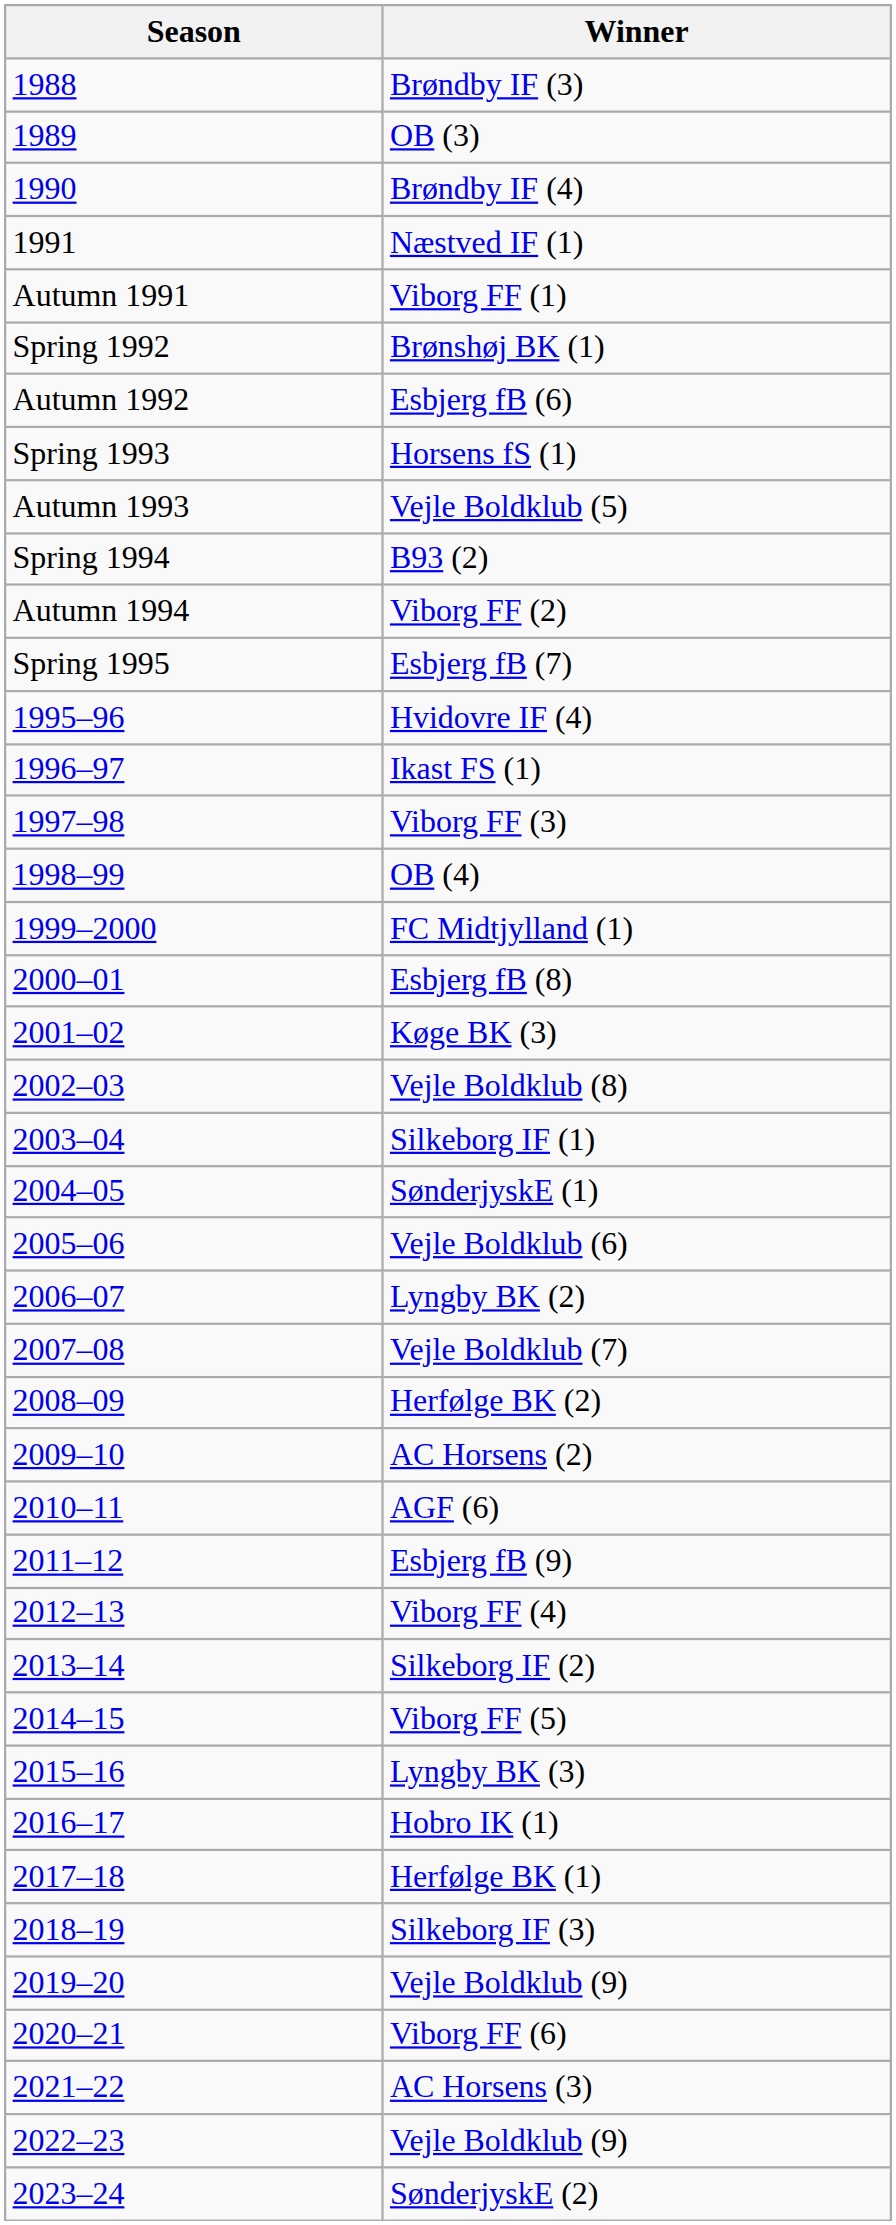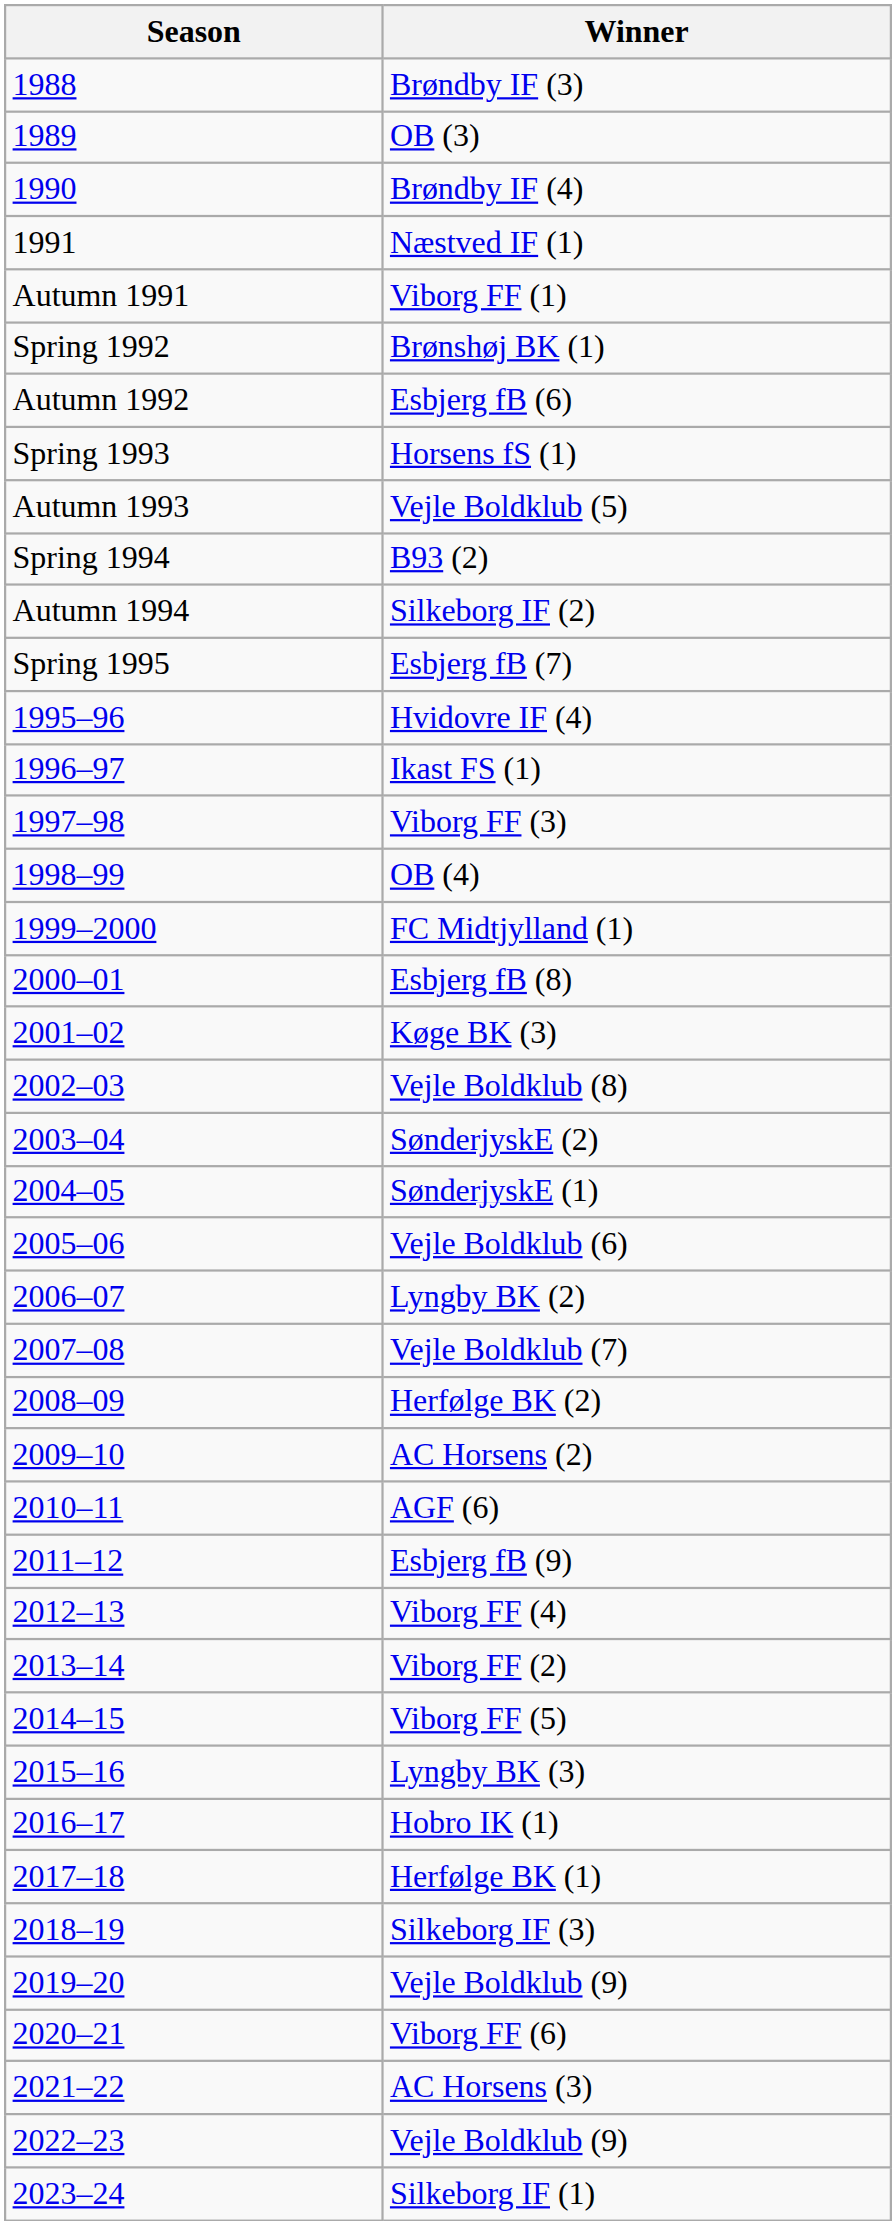 <table class="wikitable" style="width:400px; font-size:90%;">
 <tr>
 <th>Season</th>
 <th>Winner</th>
 </tr>
 <tr>
 <td><a href='#'>1988</a></td>
 <td><a href='#'>Brøndby IF</a> (3)</td>
 </tr>
 <tr>
 <td><a href='#'>1989</a></td>
 <td><a href='#'>OB</a> (3)</td>
 </tr>
 <tr>
 <td><a href='#'>1990</a></td>
 <td><a href='#'>Brøndby IF</a> (4)</td>
 </tr>
 <tr>
 <td>1991</td>
 <td><a href='#'>Næstved IF</a> (1)</td>
 </tr>
 <tr>
 <td>Autumn 1991</td>
 <td><a href='#'>Viborg FF</a> (1)</td>
 </tr>
 <tr>
 <td>Spring 1992</td>
 <td><a href='#'>Brønshøj BK</a> (1)</td>
 </tr>
 <tr>
 <td>Autumn 1992</td>
 <td><a href='#'>Esbjerg fB</a> (6)</td>
 </tr>
 <tr>
 <td>Spring 1993</td>
 <td><a href='#'>Horsens fS</a> (1)</td>
 </tr>
 <tr>
 <td>Autumn 1993</td>
 <td><a href='#'>Vejle Boldklub</a> (5)</td>
 </tr>
 <tr>
 <td>Spring 1994</td>
 <td><a href='#'>B93</a> (2)</td>
 </tr>
 <tr>
 <td>Autumn 1994</td>
-<td><a href='#'>Viborg FF</a> (2)</td>
+<td><a href='#'>Silkeborg IF</a> (2)</td>
 </tr>
 <tr>
 <td>Spring 1995</td>
 <td><a href='#'>Esbjerg fB</a> (7)</td>
 </tr>
 <tr>
 <td><a href='#'>1995–96</a></td>
 <td><a href='#'>Hvidovre IF</a> (4)</td>
 </tr>
 <tr>
 <td><a href='#'>1996–97</a></td>
 <td><a href='#'>Ikast FS</a> (1)</td>
 </tr>
 <tr>
 <td><a href='#'>1997–98</a></td>
 <td><a href='#'>Viborg FF</a> (3)</td>
 </tr>
 <tr>
 <td><a href='#'>1998–99</a></td>
 <td><a href='#'>OB</a> (4)</td>
 </tr>
 <tr>
 <td><a href='#'>1999–2000</a></td>
 <td><a href='#'>FC Midtjylland</a> (1)</td>
 </tr>
 <tr>
 <td><a href='#'>2000–01</a></td>
 <td><a href='#'>Esbjerg fB</a> (8)</td>
 </tr>
 <tr>
 <td><a href='#'>2001–02</a></td>
 <td><a href='#'>Køge BK</a> (3)</td>
 </tr>
 <tr>
 <td><a href='#'>2002–03</a></td>
 <td><a href='#'>Vejle Boldklub</a> (8)</td>
 </tr>
 <tr>
 <td><a href='#'>2003–04</a></td>
-<td><a href='#'>Silkeborg IF</a> (1)</td>
+<td><a href='#'>SønderjyskE</a> (2)</td>
 </tr>
 <tr>
 <td><a href='#'>2004–05</a></td>
 <td><a href='#'>SønderjyskE</a> (1)</td>
 </tr>
 <tr>
 <td><a href='#'>2005–06</a></td>
 <td><a href='#'>Vejle Boldklub</a> (6)</td>
 </tr>
 <tr>
 <td><a href='#'>2006–07</a></td>
 <td><a href='#'>Lyngby BK</a> (2)</td>
 </tr>
 <tr>
 <td><a href='#'>2007–08</a></td>
 <td><a href='#'>Vejle Boldklub</a> (7)</td>
 </tr>
 <tr>
 <td><a href='#'>2008–09</a></td>
 <td><a href='#'>Herfølge BK</a> (2)</td>
 </tr>
 <tr>
 <td><a href='#'>2009–10</a></td>
 <td><a href='#'>AC Horsens</a> (2)</td>
 </tr>
 <tr>
 <td><a href='#'>2010–11</a></td>
 <td><a href='#'>AGF</a> (6)</td>
 </tr>
 <tr>
 <td><a href='#'>2011–12</a></td>
 <td><a href='#'>Esbjerg fB</a> (9)</td>
 </tr>
 <tr>
 <td><a href='#'>2012–13</a></td>
 <td><a href='#'>Viborg FF</a> (4)</td>
 </tr>
 <tr>
 <td><a href='#'>2013–14</a></td>
-<td><a href='#'>Silkeborg IF</a> (2)</td>
+<td><a href='#'>Viborg FF</a> (2)</td>
 </tr>
 <tr>
 <td><a href='#'>2014–15</a></td>
 <td><a href='#'>Viborg FF</a> (5)</td>
 </tr>
 <tr>
 <td><a href='#'>2015–16</a></td>
 <td><a href='#'>Lyngby BK</a> (3)</td>
 </tr>
 <tr>
 <td><a href='#'>2016–17</a></td>
 <td><a href='#'>Hobro IK</a> (1)</td>
 </tr>
 <tr>
 <td><a href='#'>2017–18</a></td>
 <td><a href='#'>Herfølge BK</a> (1)</td>
 </tr>
 <tr>
 <td><a href='#'>2018–19</a></td>
 <td><a href='#'>Silkeborg IF</a> (3)</td>
 </tr>
 <tr>
 <td><a href='#'>2019–20</a></td>
 <td><a href='#'>Vejle Boldklub</a> (9)</td>
 </tr>
 <tr>
 <td><a href='#'>2020–21</a></td>
 <td><a href='#'>Viborg FF</a> (6)</td>
 </tr>
 <tr>
 <td><a href='#'>2021–22</a></td>
 <td><a href='#'>AC Horsens</a> (3)</td>
 </tr>
 <tr>
 <td><a href='#'>2022–23</a></td>
 <td><a href='#'>Vejle Boldklub</a> (9)</td>
 </tr>
 <tr>
 <td><a href='#'>2023–24</a></td>
-<td><a href='#'>SønderjyskE</a> (2)</td>
+<td><a href='#'>Silkeborg IF</a> (1)</td>
 </tr>
 </table>
